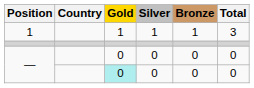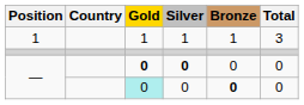 <table class=wikitable>
 <tr>
 <th>Position</th>
 <th>Country</th>
 <td align=center bgcolor=gold><strong>Gold</strong></td>
 <td align=center bgcolor=silver><strong>Silver</strong></td>
 <td align=center bgcolor=cc9966><strong>Bronze</strong></td>
 <th>Total</th>
 </tr>
 <tr align=center>
 <td>1</td>
 <td align=left></td>
 <td>1</td>
 <td>1</td>
 <td>1</td>
 <td>3</td>
 </tr>
 <tr bgcolor=lightgray>
 <td></td>
 <td></td>
 <td></td>
 <td></td>
 <td></td>
 <td></td>
 </tr>
 <tr align=center>
 <td rowspan=2>—</td>
 <td align=left></td>
-<td>0</td>
-<td>0</td>
+<td><strong>0</strong></td>
+<td><strong>0</strong></td>
 <td>0</td>
 <td>0</td>
 </tr>
 <tr align=center>
 <td align=left></td>
 <td style="background: paleturquoise;">0</td>
 <td>0</td>
-<td>0</td>
+<td><strong>0</strong></td>
 <td>0</td>
 </tr>
 </table>
